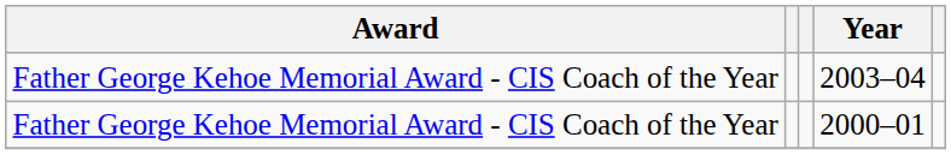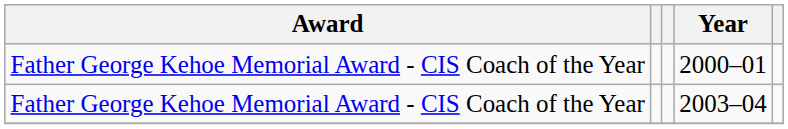 <table class="wikitable">
 <tr>
 <th>Award</th>
 <th></th>
 <th></th>
 <th>Year</th>
 <th></th>
 </tr>
 <tr>
 <td><a href='#'>Father George Kehoe Memorial Award</a> - <a href='#'>CIS</a> Coach of the Year</td>
 <td></td>
 <td></td>
-<td>2003–04</td>
+<td>2000–01</td>
 <td></td>
 </tr>
 <tr>
 <td><a href='#'>Father George Kehoe Memorial Award</a> - <a href='#'>CIS</a> Coach of the Year</td>
 <td></td>
 <td></td>
-<td>2000–01</td>
+<td>2003–04</td>
 <td></td>
 </tr>
 <tr>
 </tr>
 </table>
